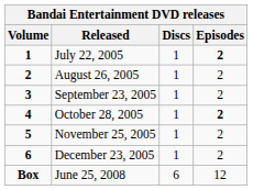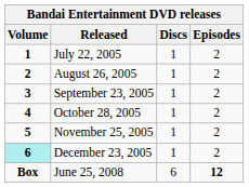 <table class="wikitable">
 <tr>
 <th colspan="9">Bandai Entertainment DVD releases</th>
 </tr>
 <tr>
 <th>Volume</th>
 <th>Released</th>
 <th>Discs</th>
 <th>Episodes</th>
 </tr>
 <tr>
 <td align=center><strong>1</strong></td>
 <td>July 22, 2005</td>
 <td align=center>1</td>
-<td align=center><strong>2</strong></td>
+<td align=center>2</td>
 </tr>
 <tr>
 <td align=center><strong>2</strong></td>
 <td>August 26, 2005</td>
 <td align=center>1</td>
 <td align=center>2</td>
 </tr>
 <tr>
 <td align=center><strong>3</strong></td>
 <td>September 23, 2005</td>
 <td align=center>1</td>
 <td align=center>2</td>
 </tr>
 <tr>
 <td align=center><strong>4</strong></td>
 <td>October 28, 2005</td>
 <td align=center>1</td>
-<td align=center><strong>2</strong></td>
+<td align=center>2</td>
 </tr>
 <tr>
 <td align=center><strong>5</strong></td>
 <td>November 25, 2005</td>
 <td align=center>1</td>
 <td align=center>2</td>
 </tr>
 <tr>
-<td align=center><strong>6</strong></td>
+<td align=center style="background: paleturquoise;"><strong>6</strong></td>
 <td>December 23, 2005</td>
 <td align=center>1</td>
 <td align=center>2</td>
 </tr>
 <tr>
 <td align=center><strong>Box</strong></td>
 <td>June 25, 2008</td>
 <td align=center>6</td>
-<td align=center>12</td>
+<td align=center><strong>12</strong></td>
 </tr>
 </table>
